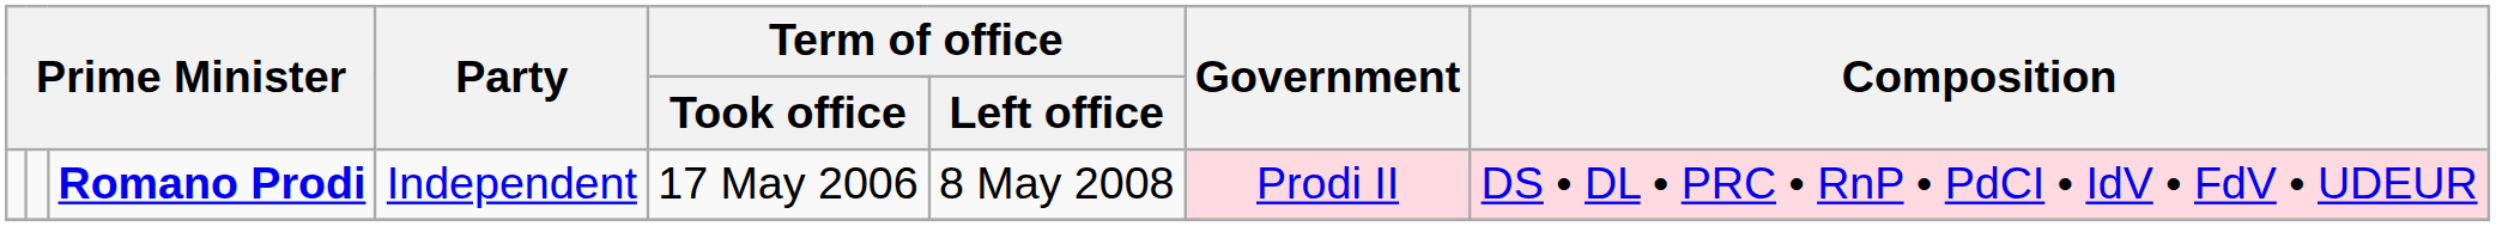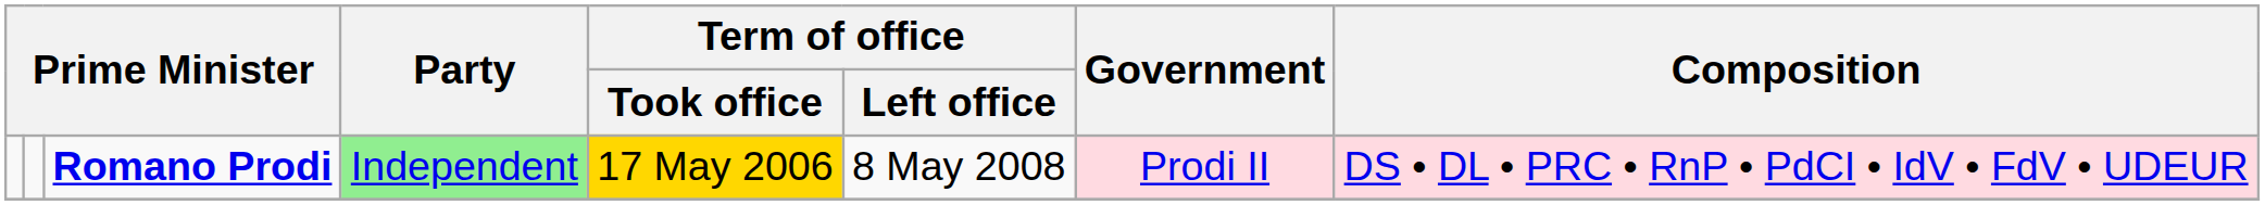 <table class="wikitable" style="text-align:center">
 <tr>
 <th colspan=3 rowspan=2>Prime Minister</th>
 <th rowspan=2>Party</th>
 <th colspan=2>Term of office</th>
 <th rowspan=2>Government</th>
 <th rowspan=2>Composition</th>
 </tr>
 <tr>
 <th>Took office</th>
 <th>Left office</th>
 </tr>
 <tr>
 <td style="background:"></td>
 <td></td>
 <td><strong><a href='#'>Romano Prodi</a></strong><br></td>
-<td><a href='#'>Independent</a></td>
-<td class="nowrap">17 May 2006</td>
+<td style="background: lightgreen;"><a href='#'>Independent</a></td>
+<td class="nowrap" style="background: gold;">17 May 2006</td>
 <td class="nowrap">8 May 2008</td>
 <td bgcolor=#FFDAE1><a href='#'>Prodi II</a></td>
 <td bgcolor=#FFDAE1><a href='#'>DS</a> • <a href='#'>DL</a> • <a href='#'>PRC</a> • <a href='#'>RnP</a> • <a href='#'>PdCI</a> • <a href='#'>IdV</a> • <a href='#'>FdV</a> • <a href='#'>UDEUR</a> <br></td>
 </tr>
 <tr>
 </tr>
 </table>
